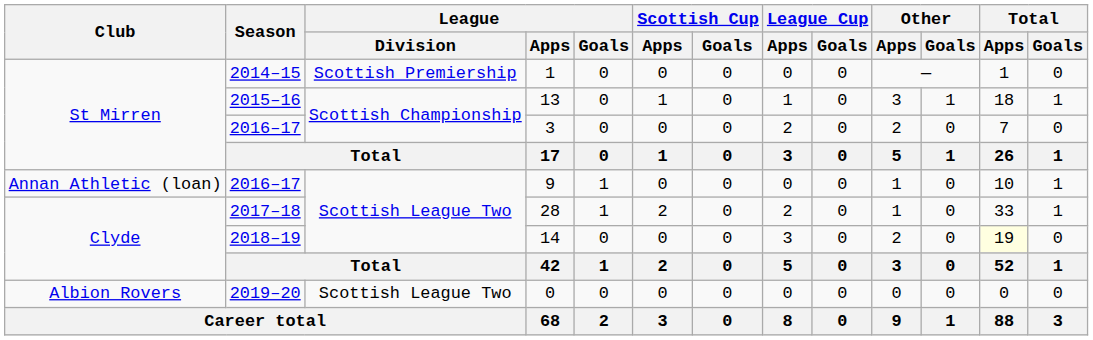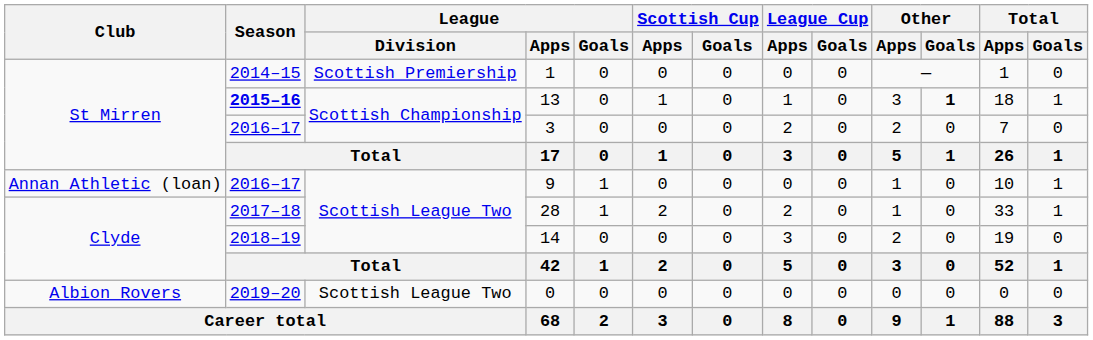 <table class="wikitable" style="text-align:center">
 <tr>
 <th rowspan="2">Club</th>
 <th rowspan="2">Season</th>
 <th colspan="3">League</th>
 <th colspan="2"><a href='#'>Scottish Cup</a></th>
 <th colspan="2"><a href='#'>League Cup</a></th>
 <th colspan="2">Other</th>
 <th colspan="2">Total</th>
 </tr>
 <tr>
 <th>Division</th>
 <th>Apps</th>
 <th>Goals</th>
 <th>Apps</th>
 <th>Goals</th>
 <th>Apps</th>
 <th>Goals</th>
 <th>Apps</th>
 <th>Goals</th>
 <th>Apps</th>
 <th>Goals</th>
 </tr>
 <tr>
 <td rowspan="4"><a href='#'>St Mirren</a></td>
 <td><a href='#'>2014–15</a></td>
 <td><a href='#'>Scottish Premiership</a></td>
 <td>1</td>
 <td>0</td>
 <td>0</td>
 <td>0</td>
 <td>0</td>
 <td>0</td>
 <td colspan="2">—</td>
 <td>1</td>
 <td>0</td>
 </tr>
 <tr>
-<td><a href='#'>2015–16</a></td>
+<td><strong><a href='#'>2015–16</a></strong></td>
 <td rowspan="2"><a href='#'>Scottish Championship</a></td>
 <td>13</td>
 <td>0</td>
 <td>1</td>
 <td>0</td>
 <td>1</td>
 <td>0</td>
 <td>3</td>
-<td>1</td>
+<td><strong>1</strong></td>
 <td>18</td>
 <td>1</td>
 </tr>
 <tr>
 <td><a href='#'>2016–17</a></td>
 <td>3</td>
 <td>0</td>
 <td>0</td>
 <td>0</td>
 <td>2</td>
 <td>0</td>
 <td>2</td>
 <td>0</td>
 <td>7</td>
 <td>0</td>
 </tr>
 <tr>
 <th colspan="2">Total</th>
 <th>17</th>
 <th>0</th>
 <th>1</th>
 <th>0</th>
 <th>3</th>
 <th>0</th>
 <th>5</th>
 <th>1</th>
 <th>26</th>
 <th>1</th>
 </tr>
 <tr>
 <td><a href='#'>Annan Athletic</a> (loan)</td>
 <td><a href='#'>2016–17</a></td>
 <td rowspan="3"><a href='#'>Scottish League Two</a></td>
 <td>9</td>
 <td>1</td>
 <td>0</td>
 <td>0</td>
 <td>0</td>
 <td>0</td>
 <td>1</td>
 <td>0</td>
 <td>10</td>
 <td>1</td>
 </tr>
 <tr>
 <td rowspan="3"><a href='#'>Clyde</a></td>
 <td><a href='#'>2017–18</a></td>
 <td>28</td>
 <td>1</td>
 <td>2</td>
 <td>0</td>
 <td>2</td>
 <td>0</td>
 <td>1</td>
 <td>0</td>
 <td>33</td>
 <td>1</td>
 </tr>
 <tr>
 <td><a href='#'>2018–19</a></td>
 <td>14</td>
 <td>0</td>
 <td>0</td>
 <td>0</td>
 <td>3</td>
 <td>0</td>
 <td>2</td>
 <td>0</td>
-<td style="background: lightyellow;">19</td>
+<td>19</td>
 <td>0</td>
 </tr>
 <tr>
 <th colspan=2>Total</th>
 <th>42</th>
 <th>1</th>
 <th>2</th>
 <th>0</th>
 <th>5</th>
 <th>0</th>
 <th>3</th>
 <th>0</th>
 <th>52</th>
 <th>1</th>
 </tr>
 <tr>
 <td><a href='#'>Albion Rovers</a></td>
 <td><a href='#'>2019–20</a></td>
 <td>Scottish League Two</td>
 <td>0</td>
 <td>0</td>
 <td>0</td>
 <td>0</td>
 <td>0</td>
 <td>0</td>
 <td>0</td>
 <td>0</td>
 <td>0</td>
 <td>0</td>
 </tr>
 <tr>
 <th colspan="3">Career total</th>
 <th>68</th>
 <th>2</th>
 <th>3</th>
 <th>0</th>
 <th>8</th>
 <th>0</th>
 <th>9</th>
 <th>1</th>
 <th>88</th>
 <th>3</th>
 </tr>
 </table>
